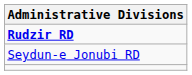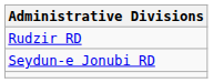 <table class="wikitable">
 <tr>
 <th>Administrative Divisions</th>
 </tr>
 <tr>
-<td><strong><a href='#'>Rudzir RD</a></strong></td>
+<td><a href='#'>Rudzir RD</a></td>
 </tr>
 <tr>
 <td><a href='#'>Seydun-e Jonubi RD</a></td>
 </tr>
 <tr>
 <td colspan=1></td>
 </tr>
 </table>
